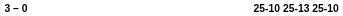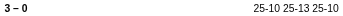 <table width=100% cellspacing=1>
 <tr>
 <th width=20%></th>
 <th width=12%></th>
 <th width=20%></th>
 <th width=33%></th>
 <td></td>
 </tr>
 <tr style=font-size:90%>
 <td align=right><strong></strong></td>
 <td align=center><strong>3 – 0</strong></td>
 <td></td>
-<td><strong>25-10 25-13 25-10</strong></td>
+<td>25-10 25-13 25-10</td>
 </tr>
 </table>
